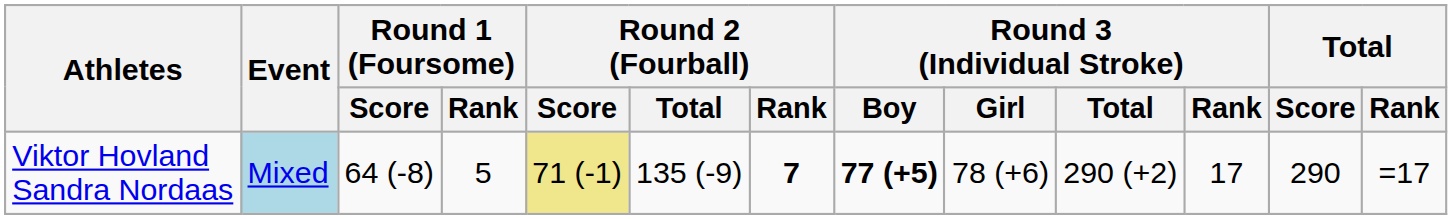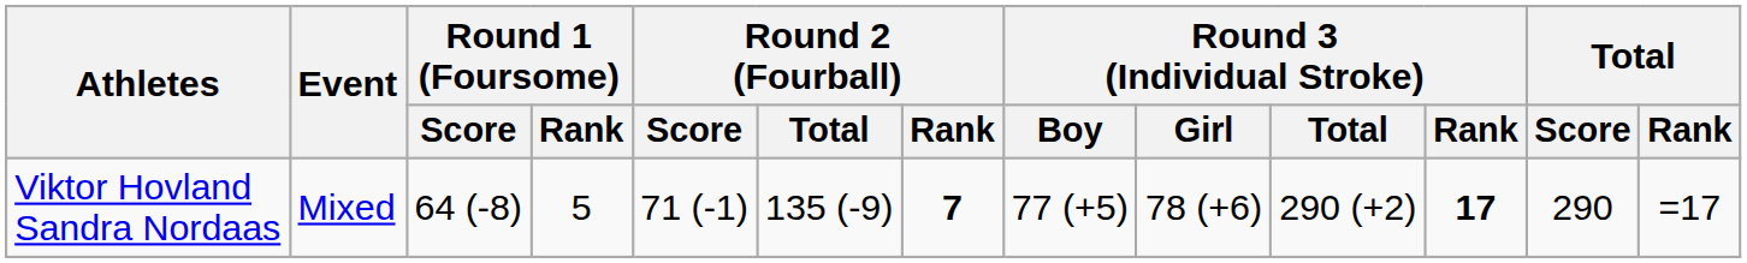 <table class="wikitable" style="font-size:90%">
 <tr>
 <th rowspan="2">Athletes</th>
 <th rowspan="2">Event</th>
 <th colspan="2">Round 1<br>(Foursome)</th>
 <th colspan="3">Round 2<br>(Fourball)</th>
 <th colspan="4">Round 3<br>(Individual Stroke)</th>
 <th colspan="2">Total</th>
 </tr>
 <tr style="font-size:95%">
 <th>Score</th>
 <th>Rank</th>
 <th>Score</th>
 <th>Total</th>
 <th>Rank</th>
 <th>Boy</th>
 <th>Girl</th>
 <th>Total</th>
 <th>Rank</th>
 <th>Score</th>
 <th>Rank</th>
 </tr>
 <tr align=center>
 <td align=left><a href='#'>Viktor Hovland</a><br><a href='#'>Sandra Nordaas</a></td>
-<td align=left style="background: lightblue;"><a href='#'>Mixed</a></td>
+<td align=left><a href='#'>Mixed</a></td>
 <td>64 (-8)</td>
 <td>5</td>
-<td style="background: khaki;">71 (-1)</td>
+<td>71 (-1)</td>
 <td>135 (-9)</td>
 <td><strong>7</strong></td>
-<td><strong>77 (+5)</strong></td>
+<td>77 (+5)</td>
 <td>78 (+6)</td>
 <td>290 (+2)</td>
-<td>17</td>
+<td><strong>17</strong></td>
 <td>290</td>
 <td>=17</td>
 </tr>
 </table>
